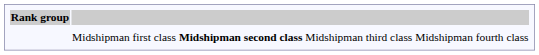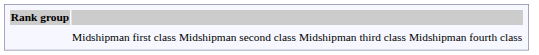 <table style="border:1px solid #8888aa; background-color:#f7f8ff; padding:5px; font-size:95%; margin: 0px 12px 12px 0px; text-align:center;">
 <tr bgcolor="#CCCCCC">
 <th>Rank group</th>
 <th colspan=4></th>
 </tr>
 <tr>
 <td rowspan=2></td>
 <td></td>
 <td></td>
 <td></td>
 <td></td>
 </tr>
 <tr>
 <td>Midshipman first class</td>
-<td><strong>Midshipman second class</strong></td>
+<td>Midshipman second class</td>
 <td>Midshipman third class</td>
 <td>Midshipman fourth class</td>
 </tr>
 </table>
